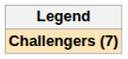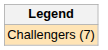 <table class=wikitable>
 <tr>
 <th>Legend</th>
 </tr>
 <tr bgcolor=moccasin>
-<td><strong>Challengers (7)</strong></td>
+<td>Challengers (7)</td>
 </tr>
 </table>
